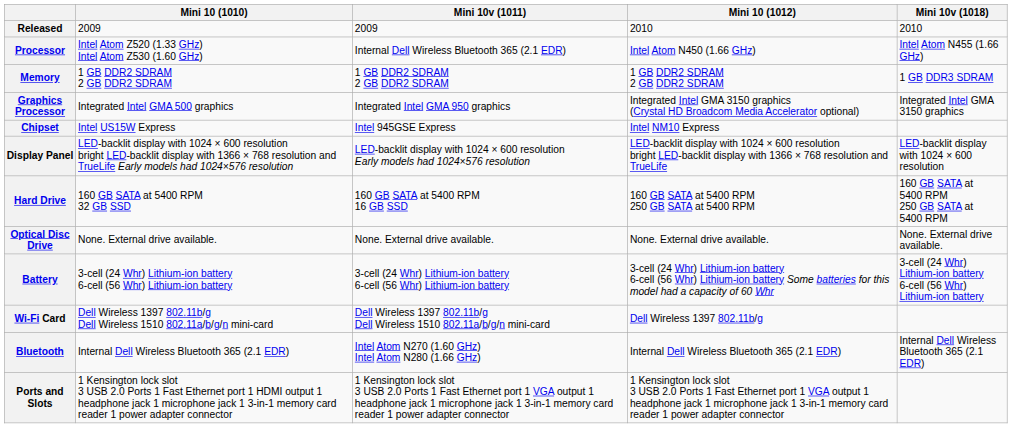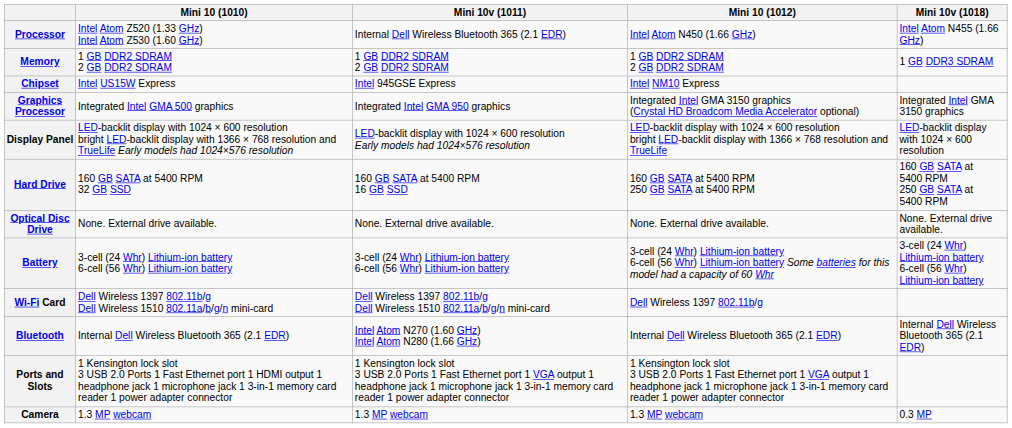 <table class="wikitable">
 <tr>
 <th></th>
 <th>Mini 10 (1010)</th>
 <th>Mini 10v (1011)</th>
 <th>Mini 10 (1012)</th>
 <th>Mini 10v (1018)</th>
-</tr>
-<tr>
-<th>Released</th>
-<td>2009</td>
-<td>2009</td>
-<td>2010</td>
-<td>2010</td>
 </tr>
 <tr>
 <th><strong><a href='#'>Processor</a></strong></th>
 <td><a href='#'>Intel</a> <a href='#'>Atom</a> Z520 (1.33 <a href='#'>GHz</a>)<br><a href='#'>Intel</a> <a href='#'>Atom</a> Z530 (1.60 <a href='#'>GHz</a>)</td>
 <td>Internal <a href='#'>Dell</a> Wireless Bluetooth 365 (2.1 <a href='#'>EDR</a>)</td>
 <td><a href='#'>Intel</a> <a href='#'>Atom</a> N450 (1.66 <a href='#'>GHz</a>)</td>
 <td><a href='#'>Intel</a> <a href='#'>Atom</a> N455 (1.66 <a href='#'>GHz</a>)</td>
 </tr>
 <tr>
 <th><strong><a href='#'>Memory</a></strong></th>
 <td>1 <a href='#'>GB</a> <a href='#'>DDR2 SDRAM</a><br>2 <a href='#'>GB</a> <a href='#'>DDR2 SDRAM</a></td>
 <td>1 <a href='#'>GB</a> <a href='#'>DDR2 SDRAM</a><br>2 <a href='#'>GB</a> <a href='#'>DDR2 SDRAM</a></td>
 <td>1 <a href='#'>GB</a> <a href='#'>DDR2 SDRAM</a><br>2 <a href='#'>GB</a> <a href='#'>DDR2 SDRAM</a></td>
 <td>1 <a href='#'>GB</a> <a href='#'>DDR3 SDRAM</a></td>
 </tr>
 <tr>
+<th><strong><a href='#'>Chipset</a></strong></th>
+<td><a href='#'>Intel</a> <a href='#'>US15W</a> Express</td>
+<td><a href='#'>Intel</a> 945GSE Express</td>
+<td><a href='#'>Intel</a> <a href='#'>NM10</a> Express</td>
+<td></td>
+</tr>
+<tr>
 <th><strong><a href='#'>Graphics Processor</a></strong></th>
 <td>Integrated <a href='#'>Intel</a> <a href='#'>GMA 500</a> graphics</td>
 <td>Integrated <a href='#'>Intel</a> <a href='#'>GMA 950</a> graphics</td>
 <td>Integrated <a href='#'>Intel</a> GMA 3150 graphics<br>(<a href='#'>Crystal HD Broadcom Media Accelerator</a> optional)</td>
 <td>Integrated <a href='#'>Intel</a> GMA 3150 graphics</td>
-</tr>
-<tr>
-<th><strong><a href='#'>Chipset</a></strong></th>
-<td><a href='#'>Intel</a> <a href='#'>US15W</a> Express</td>
-<td><a href='#'>Intel</a> 945GSE Express</td>
-<td><a href='#'>Intel</a> <a href='#'>NM10</a> Express</td>
-<td></td>
 </tr>
 <tr>
 <th><strong>Display Panel</strong></th>
 <td> <a href='#'>LED</a>-backlit display with 1024 × 600 resolution<br> bright <a href='#'>LED</a>-backlit display with 1366 × 768 resolution and <a href='#'>TrueLife</a>  <em>Early models had 1024×576 resolution</em></td>
 <td> <a href='#'>LED</a>-backlit display with 1024 × 600 resolution<br><em>Early models had 1024×576 resolution</em></td>
 <td> <a href='#'>LED</a>-backlit display with 1024 × 600 resolution<br> bright <a href='#'>LED</a>-backlit display with 1366 × 768 resolution and <a href='#'>TrueLife</a></td>
 <td> <a href='#'>LED</a>-backlit display with 1024 × 600 resolution</td>
 </tr>
 <tr>
 <th><strong><a href='#'>Hard Drive</a></strong></th>
 <td>160 <a href='#'>GB</a> <a href='#'>SATA</a> at 5400 RPM<br>32 <a href='#'>GB</a> <a href='#'>SSD</a></td>
 <td>160 <a href='#'>GB</a> <a href='#'>SATA</a> at 5400 RPM<br>16 <a href='#'>GB</a> <a href='#'>SSD</a></td>
 <td>160 <a href='#'>GB</a> <a href='#'>SATA</a> at 5400 RPM<br>250 <a href='#'>GB</a> <a href='#'>SATA</a> at 5400 RPM</td>
 <td>160 <a href='#'>GB</a> <a href='#'>SATA</a> at 5400 RPM<br>250 <a href='#'>GB</a> <a href='#'>SATA</a> at 5400 RPM</td>
 </tr>
 <tr>
 <th><strong><a href='#'>Optical Disc Drive</a></strong></th>
 <td>None. External drive available.</td>
 <td>None. External drive available.</td>
 <td>None. External drive available.</td>
 <td>None. External drive available.</td>
 </tr>
 <tr>
 <th><strong><a href='#'>Battery</a></strong></th>
 <td>3-cell (24 <a href='#'>Whr</a>) <a href='#'>Lithium-ion battery</a><br>6-cell (56 <a href='#'>Whr</a>) <a href='#'>Lithium-ion battery</a></td>
 <td>3-cell (24 <a href='#'>Whr</a>) <a href='#'>Lithium-ion battery</a><br>6-cell (56 <a href='#'>Whr</a>) <a href='#'>Lithium-ion battery</a></td>
 <td>3-cell (24 <a href='#'>Whr</a>) <a href='#'>Lithium-ion battery</a><br>6-cell (56 <a href='#'>Whr</a>) <a href='#'>Lithium-ion battery</a>  <em>Some <a href='#'>batteries</a> for this model had a capacity of 60 <a href='#'>Whr</a></em></td>
 <td>3-cell (24 <a href='#'>Whr</a>) <a href='#'>Lithium-ion battery</a><br>6-cell (56 <a href='#'>Whr</a>) <a href='#'>Lithium-ion battery</a></td>
 </tr>
 <tr>
 <th><strong><a href='#'>Wi-Fi</a> Card</strong></th>
 <td><a href='#'>Dell</a> Wireless 1397 <a href='#'>802.11b</a>/<a href='#'>g</a><br><a href='#'>Dell</a> Wireless 1510 <a href='#'>802.11a</a>/<a href='#'>b</a>/<a href='#'>g</a>/<a href='#'>n</a> mini-card</td>
 <td><a href='#'>Dell</a> Wireless 1397 <a href='#'>802.11b</a>/<a href='#'>g</a><br><a href='#'>Dell</a> Wireless 1510 <a href='#'>802.11a</a>/<a href='#'>b</a>/<a href='#'>g</a>/<a href='#'>n</a> mini-card</td>
 <td><a href='#'>Dell</a> Wireless 1397 <a href='#'>802.11b</a>/<a href='#'>g</a></td>
 <td></td>
 </tr>
 <tr>
 <th><strong><a href='#'>Bluetooth</a></strong></th>
 <td>Internal <a href='#'>Dell</a> Wireless Bluetooth 365 (2.1 <a href='#'>EDR</a>)</td>
 <td><a href='#'>Intel</a> <a href='#'>Atom</a> N270 (1.60 <a href='#'>GHz</a>)<br><a href='#'>Intel</a> <a href='#'>Atom</a> N280 (1.66 <a href='#'>GHz</a>)</td>
 <td>Internal <a href='#'>Dell</a> Wireless Bluetooth 365 (2.1 <a href='#'>EDR</a>)</td>
 <td>Internal <a href='#'>Dell</a> Wireless Bluetooth 365 (2.1 <a href='#'>EDR</a>)</td>
 </tr>
 <tr>
 <th><strong>Ports and Slots</strong></th>
 <td>1 Kensington lock slot<br>3 USB 2.0 Ports  1 Fast Ethernet port  1 HDMI output  1 headphone jack  1 microphone jack  1 3-in-1 memory card reader  1 power adapter connector</td>
 <td>1 Kensington lock slot<br>3 USB 2.0 Ports  1 Fast Ethernet port  1 <a href='#'>VGA</a> output  1 headphone jack  1 microphone jack  1 3-in-1 memory card reader  1 power adapter connector</td>
 <td>1 Kensington lock slot<br>3 USB 2.0 Ports  1 Fast Ethernet port  1 <a href='#'>VGA</a> output  1 headphone jack  1 microphone jack  1 3-in-1 memory card reader  1 power adapter connector</td>
 <td></td>
 </tr>
+<tr>
+<th><strong>Camera</strong></th>
+<td>1.3 <a href='#'>MP</a> <a href='#'>webcam</a></td>
+<td>1.3 <a href='#'>MP</a> <a href='#'>webcam</a></td>
+<td>1.3 <a href='#'>MP</a> <a href='#'>webcam</a></td>
+<td>0.3 <a href='#'>MP</a></td>
+</tr>
 </table>
